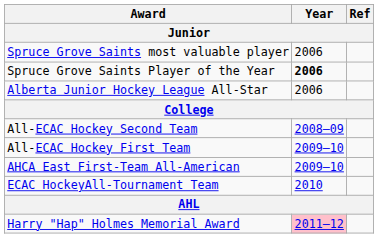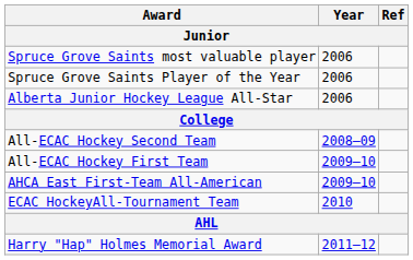 <table class="wikitable" border="1">
 <tr>
 <th>Award</th>
 <th>Year</th>
 <th>Ref</th>
 </tr>
 <tr>
 <th colspan="3">Junior</th>
 </tr>
 <tr>
 <td><a href='#'>Spruce Grove Saints</a> most valuable player</td>
 <td>2006</td>
 <td></td>
 </tr>
 <tr>
 <td>Spruce Grove Saints Player of the Year</td>
-<td><strong>2006</strong></td>
+<td>2006</td>
 <td></td>
 </tr>
 <tr>
 <td><a href='#'>Alberta Junior Hockey League</a> All-Star</td>
 <td>2006</td>
 <td></td>
 </tr>
 <tr>
 <th colspan="3"><a href='#'>College</a></th>
 </tr>
 <tr>
 <td>All-<a href='#'>ECAC Hockey Second Team</a></td>
 <td><a href='#'>2008–09</a></td>
 <td></td>
 </tr>
 <tr>
 <td>All-<a href='#'>ECAC Hockey First Team</a></td>
 <td><a href='#'>2009–10</a></td>
 <td></td>
 </tr>
 <tr>
 <td><a href='#'>AHCA East First-Team All-American</a></td>
 <td><a href='#'>2009–10</a></td>
 <td></td>
 </tr>
 <tr>
 <td><a href='#'> ECAC HockeyAll-Tournament Team</a></td>
 <td><a href='#'>2010</a></td>
 <td></td>
 </tr>
 <tr>
 <th colspan="3"><a href='#'>AHL</a></th>
 </tr>
 <tr>
 <td><a href='#'>Harry "Hap" Holmes Memorial Award</a></td>
-<td style="background: pink;"><a href='#'>2011–12</a></td>
+<td><a href='#'>2011–12</a></td>
 <td></td>
 </tr>
 </table>
